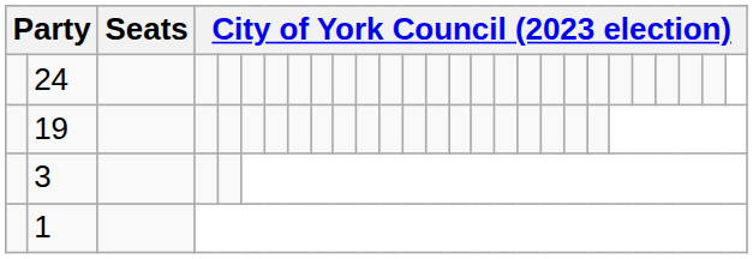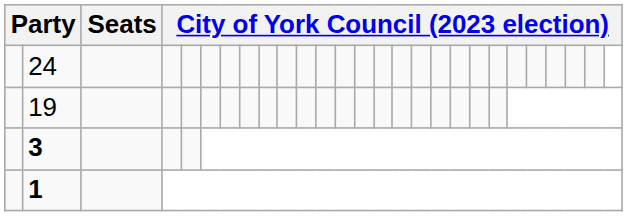 <table class="wikitable">
 <tr>
 <th colspan="2" style="text-align:center; vertical-align:top;"><strong>Party</strong></th>
 <th valign="top"><strong>Seats</strong></th>
 <th colspan="26"><a href='#'>City of York Council (2023 election)</a></th>
 </tr>
 <tr>
 <td></td>
 <td>24</td>
 <td rowspan="1" style="width: 4px"> </td>
 <td rowspan="1" style="width: 4px"> </td>
 <td rowspan="1" style="width: 4px"> </td>
 <td rowspan="1" style="width: 4px"> </td>
 <td rowspan="1" style="width: 4px"> </td>
 <td rowspan="1" style="width: 4px"> </td>
 <td rowspan="1" style="width: 4px"> </td>
 <td rowspan="1" style="width: 4px"> </td>
 <td rowspan="1" style="width: 4px"> </td>
 <td rowspan="1" style="width: 4px"> </td>
 <td rowspan="1" style="width: 4px"> </td>
 <td rowspan="1" style="width: 4px"> </td>
 <td rowspan="1" style="width: 4px"> </td>
 <td rowspan="1" style="width: 4px"> </td>
 <td rowspan="1" style="width: 4px"> </td>
 <td rowspan="1" style="width: 4px"> </td>
 <td rowspan="1" style="width: 4px"> </td>
 <td rowspan="1" style="width: 4px"> </td>
 <td rowspan="1" style="width: 4px"> </td>
 <td rowspan="1" style="width: 4px"> </td>
 <td rowspan="1" style="width: 4px"> </td>
 <td rowspan="1" style="width: 4px"> </td>
 <td rowspan="1" style="width: 4px"> </td>
 <td rowspan="1" style="width: 4px"> </td>
 <td colspan="24" style="width:4px; background:#fff;"> </td>
 </tr>
 <tr>
 <td></td>
 <td>19</td>
 <td rowspan="1" style="width: 4px"> </td>
 <td rowspan="1" style="width: 4px"> </td>
 <td rowspan="1" style="width: 4px"> </td>
 <td rowspan="1" style="width: 4px"> </td>
 <td rowspan="1" style="width: 4px"> </td>
 <td rowspan="1" style="width: 4px"> </td>
 <td rowspan="1" style="width: 4px"> </td>
 <td rowspan="1" style="width: 4px"> </td>
 <td rowspan="1" style="width: 4px"> </td>
 <td rowspan="1" style="width: 4px"> </td>
 <td rowspan="1" style="width: 4px"> </td>
 <td rowspan="1" style="width: 4px"> </td>
 <td rowspan="1" style="width: 4px"> </td>
 <td rowspan="1" style="width: 4px"> </td>
 <td rowspan="1" style="width: 4px"> </td>
 <td rowspan="1" style="width: 4px"> </td>
 <td rowspan="1" style="width: 4px"> </td>
 <td rowspan="1" style="width: 4px"> </td>
 <td rowspan="1" style="width: 4px"> </td>
 <td colspan="16" style="width:4px; background:#fff;"> </td>
 </tr>
 <tr>
 <td></td>
-<td>3</td>
+<td><strong>3</strong></td>
 <td rowspan="1" style="width: 4px"> </td>
 <td rowspan="1" style="width: 4px"> </td>
 <td rowspan="1" style="width: 4px"> </td>
 <td colspan="24" style="width:4px; background:#fff;"> </td>
 </tr>
 <tr>
 <td></td>
-<td>1</td>
+<td><strong>1</strong></td>
 <td rowspan="1" style="width: 4px"> </td>
 <td colspan="24" style="width:4px; background:#fff;"> </td>
 </tr>
 </table>
